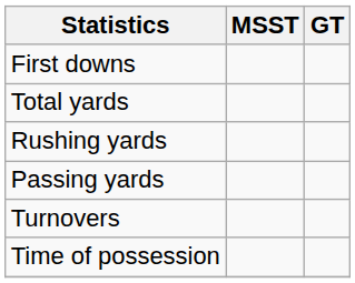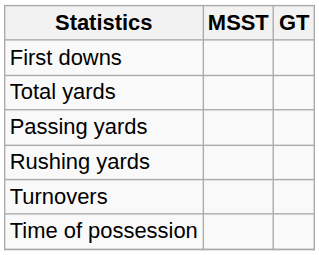 <table class="wikitable" style="float: left;">
 <tr>
 <th>Statistics</th>
 <th>MSST</th>
 <th>GT</th>
 </tr>
 <tr>
 <td>First downs</td>
 <td></td>
 <td></td>
 </tr>
 <tr>
 <td>Total yards</td>
 <td></td>
 <td></td>
 </tr>
 <tr>
-<td>Rushing yards</td>
+<td>Passing yards</td>
 <td></td>
 <td></td>
 </tr>
 <tr>
-<td>Passing yards</td>
+<td>Rushing yards</td>
 <td></td>
 <td></td>
 </tr>
 <tr>
 <td>Turnovers</td>
 <td></td>
 <td></td>
 </tr>
 <tr>
 <td>Time of possession</td>
 <td></td>
 <td></td>
 </tr>
 <tr>
 </tr>
 </table>
